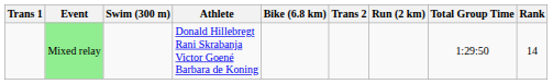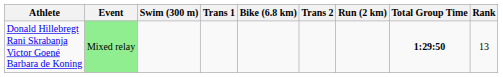 <table class="wikitable" style="font-size:90%">
 <tr>
-<th>Trans 1</th>
+<th>Athlete</th>
 <th>Event</th>
 <th>Swim (300 m)</th>
-<th>Athlete</th>
+<th>Trans 1</th>
 <th>Bike (6.8 km)</th>
 <th>Trans 2</th>
 <th>Run (2 km)</th>
 <th>Total Group Time</th>
 <th>Rank</th>
 </tr>
 <tr align=center>
-<td></td>
+<td align=left><a href='#'>Donald Hillebregt</a><br><a href='#'>Rani Skrabanja</a><br><a href='#'>Victor Goené</a><br><a href='#'>Barbara de Koning</a></td>
 <td align=left style="background: lightgreen;">Mixed relay</td>
-<td></td>
-<td align=left><a href='#'>Donald Hillebregt</a><br><a href='#'>Rani Skrabanja</a><br><a href='#'>Victor Goené</a><br><a href='#'>Barbara de Koning</a></td>
 <td></td>
 <td></td>
 <td></td>
-<td>1:29:50</td>
-<td>14</td>
+<td></td>
+<td></td>
+<td><strong>1:29:50</strong></td>
+<td>13</td>
 </tr>
 </table>
